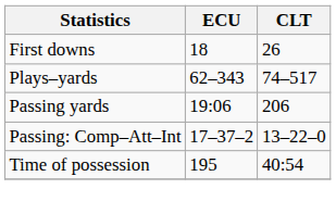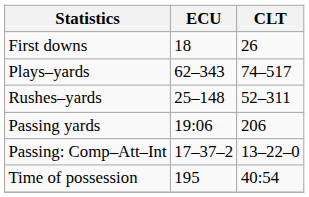 <table class="wikitable" style="float: left;">
 <tr>
 <th>Statistics</th>
 <th>ECU</th>
 <th>CLT</th>
 </tr>
 <tr>
 <td>First downs</td>
 <td>18</td>
 <td>26</td>
 </tr>
 <tr>
 <td>Plays–yards</td>
 <td>62–343</td>
 <td>74–517</td>
+</tr>
+<tr>
+<td>Rushes–yards</td>
+<td>25–148</td>
+<td>52–311</td>
 </tr>
 <tr>
 <td>Passing yards</td>
 <td>19:06</td>
 <td>206</td>
 </tr>
 <tr>
 <td>Passing: Comp–Att–Int</td>
 <td>17–37–2</td>
 <td>13–22–0</td>
 </tr>
 <tr>
 <td>Time of possession</td>
 <td>195</td>
 <td>40:54</td>
 </tr>
 <tr>
 </tr>
 </table>
